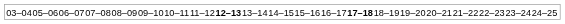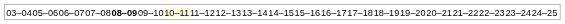 <table Cellpadding="0" CellSpacing="1" style="font-size:100%; border:1px solid #a0a0a0; padding:1px; text-align:center;">
 <tr valign="bottom">
 <td></td>
 <td></td>
 <td></td>
 <td></td>
 <td></td>
 <td></td>
 <td></td>
 <td></td>
 <td></td>
 <td></td>
 <td></td>
 <td></td>
 <td></td>
 <td></td>
 <td></td>
 <td></td>
 <td></td>
 <td></td>
 <td></td>
 <td></td>
 <td></td>
 <td></td>
 </tr>
 <tr align=center style="font-size:80%;">
 <td>03–04</td>
 <td>05–06</td>
 <td>06–07</td>
 <td>07–08</td>
-<td>08–09</td>
+<td><strong>08–09</strong></td>
 <td>09–10</td>
-<td>10–11</td>
+<td style="background: lightyellow;">10–11</td>
 <td>11–12</td>
-<td><strong>12–13</strong></td>
+<td>12–13</td>
 <td>13–14</td>
 <td>14–15</td>
 <td>15–16</td>
 <td>16–17</td>
-<td><strong>17–18</strong></td>
+<td>17–18</td>
 <td>18–19</td>
 <td>19–20</td>
 <td>20–21</td>
 <td>21–22</td>
 <td>22–23</td>
 <td>23–24</td>
 <td>24–25</td>
 </tr>
 </table>
